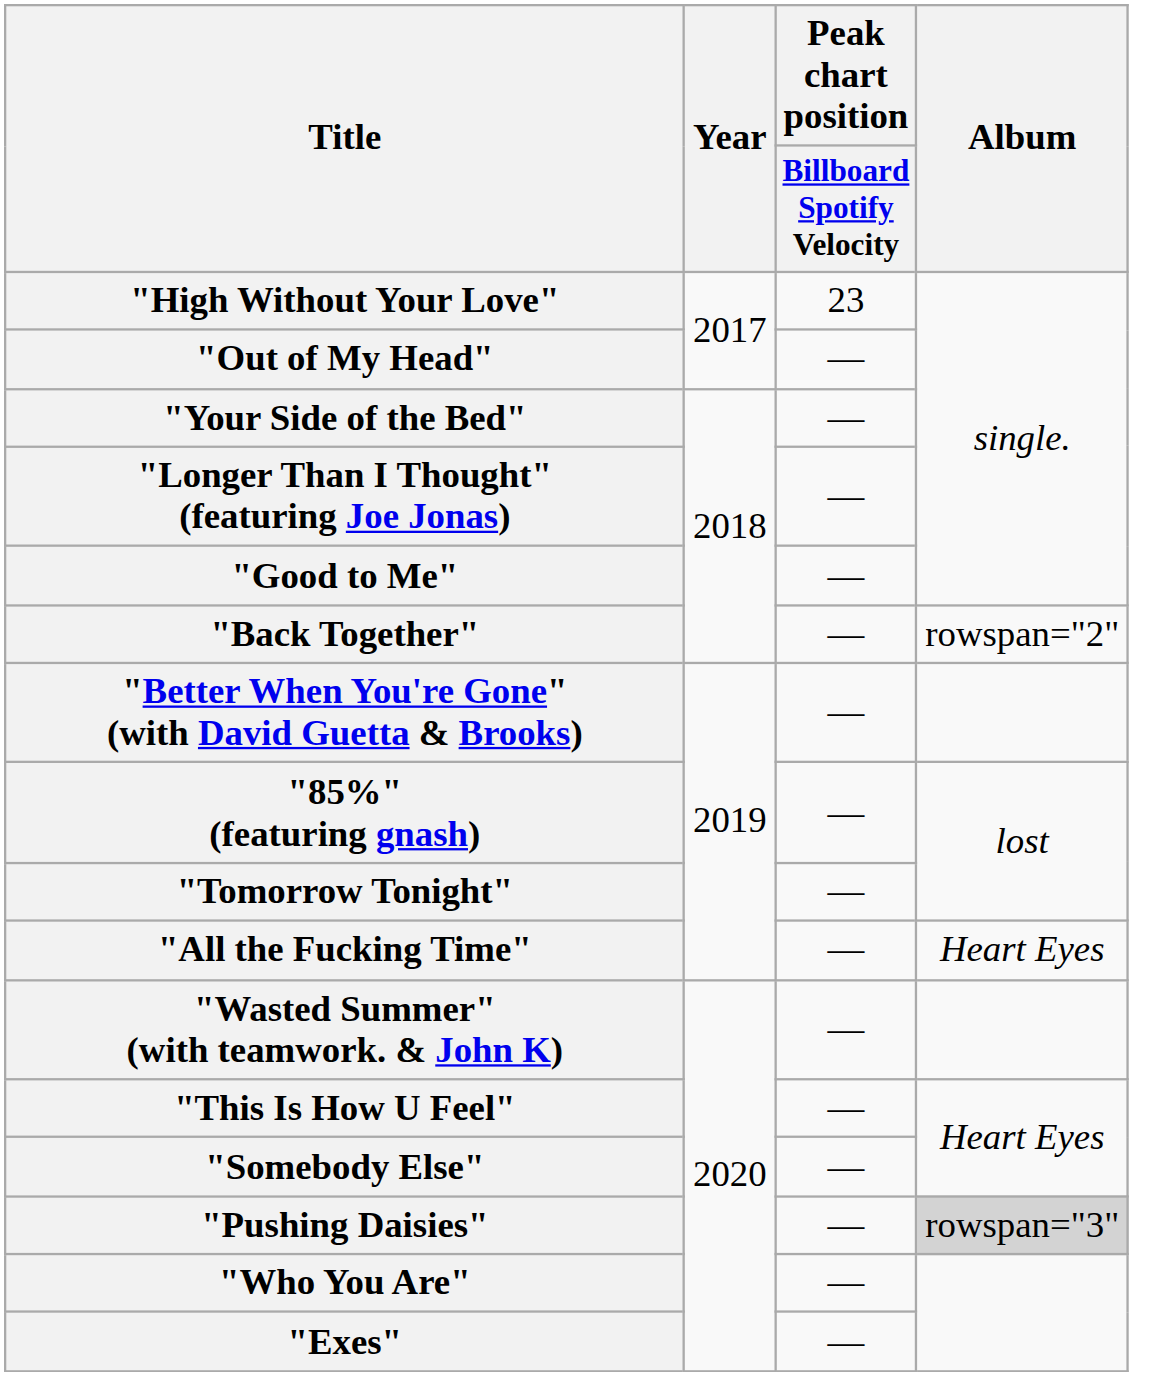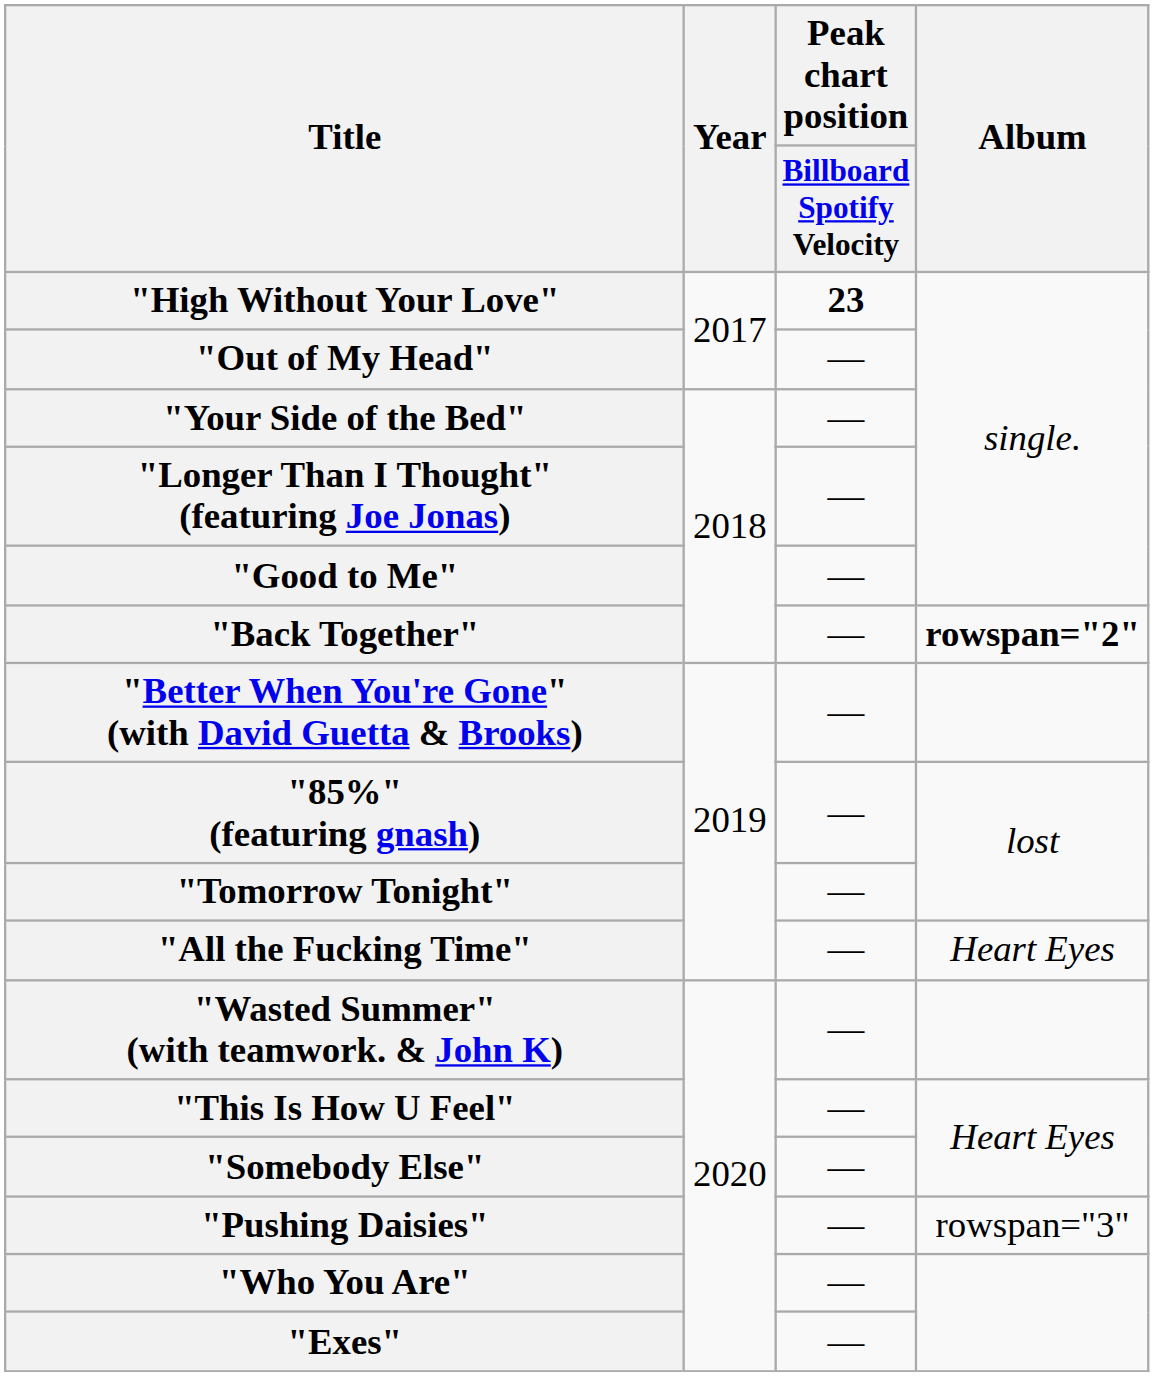 <table class="wikitable plainrowheaders" style="text-align:center;">
 <tr>
 <th scope="col" rowspan="2" style="width:18em;">Title</th>
 <th scope="col" rowspan="2" style="width:1em;">Year</th>
 <th scope="col" colspan="1">Peak chart position</th>
 <th scope="col" rowspan="2">Album</th>
 </tr>
 <tr>
 <th scope="col" style="width:3em;font-size:85%;"><a href='#'>Billboard</a> <a href='#'>Spotify</a> Velocity</th>
 </tr>
 <tr>
 <th scope="row">"High Without Your Love"</th>
 <td rowspan="2">2017</td>
-<td>23</td>
+<td><strong>23</strong></td>
 <td rowspan="5"><em>single.</em></td>
 </tr>
 <tr>
 <th scope="row">"Out of My Head"</th>
 <td>—</td>
 </tr>
 <tr>
 <th scope="row">"Your Side of the Bed"</th>
 <td rowspan="4">2018</td>
 <td>—</td>
 </tr>
 <tr>
 <th scope="row">"Longer Than I Thought"<br><span>(featuring <a href='#'>Joe Jonas</a>)</span></th>
 <td>—</td>
 </tr>
 <tr>
 <th scope="row">"Good to Me"</th>
 <td>—</td>
 </tr>
 <tr>
 <th scope="row">"Back Together"</th>
 <td>—</td>
-<td>rowspan="2" </td>
+<td><strong>rowspan="2" </strong></td>
 </tr>
 <tr>
 <th scope="row">"<a href='#'>Better When You're Gone</a>"<br><span>(with <a href='#'>David Guetta</a> & <a href='#'>Brooks</a>)</span></th>
 <td rowspan="4">2019</td>
 <td>—</td>
 </tr>
 <tr>
 <th scope="row">"85%"<br><span>(featuring <a href='#'>gnash</a>)</span></th>
 <td>—</td>
 <td rowspan="2"><em>lost</em></td>
 </tr>
 <tr>
 <th scope="row">"Tomorrow Tonight"</th>
 <td>—</td>
 </tr>
 <tr>
 <th scope="row">"All the Fucking Time"</th>
 <td>—</td>
 <td><em>Heart Eyes</em></td>
 </tr>
 <tr>
 <th scope="row">"Wasted Summer" <br><span>(with teamwork. & <a href='#'>John K</a>)</span></th>
 <td rowspan="6">2020</td>
 <td>—</td>
 <td></td>
 </tr>
 <tr>
 <th scope="row">"This Is How U Feel"</th>
 <td>—</td>
 <td rowspan="2"><em>Heart Eyes</em></td>
 </tr>
 <tr>
 <th scope="row">"Somebody Else"</th>
 <td>—</td>
 </tr>
 <tr>
 <th scope="row">"Pushing Daisies"</th>
 <td>—</td>
-<td style="background: lightgrey;">rowspan="3" </td>
+<td>rowspan="3" </td>
 </tr>
 <tr>
 <th scope="row">"Who You Are"</th>
 <td>—</td>
 </tr>
 <tr>
 <th scope="row">"Exes"</th>
 <td>—</td>
 </tr>
 </table>
